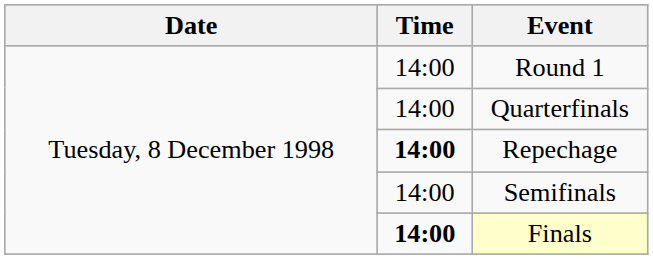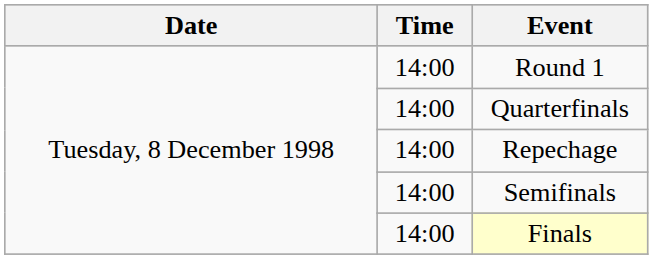 <table class = "wikitable" style="text-align:center;">
 <tr>
 <th width=220>Date</th>
 <th width=50>Time</th>
 <th width=100>Event</th>
 </tr>
 <tr>
 <td rowspan=5>Tuesday, 8 December 1998</td>
 <td>14:00</td>
 <td>Round 1</td>
 </tr>
 <tr>
 <td>14:00</td>
 <td>Quarterfinals</td>
 </tr>
 <tr>
-<td><strong>14:00</strong></td>
+<td>14:00</td>
 <td>Repechage</td>
 </tr>
 <tr>
 <td>14:00</td>
 <td>Semifinals</td>
 </tr>
 <tr>
-<td><strong>14:00</strong></td>
+<td>14:00</td>
 <td bgcolor=ffffcc>Finals</td>
 </tr>
 </table>
